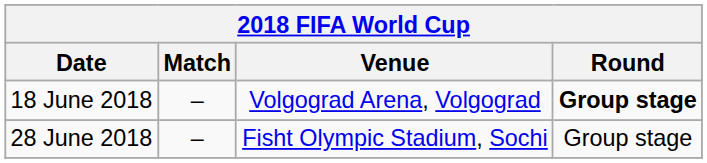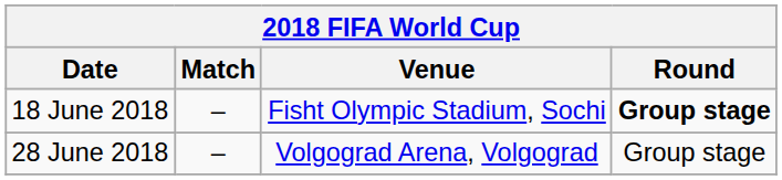 <table class="wikitable" style="margin:1em auto 1em auto; text-align:center; font-size:small;">
 <tr>
 <th colspan="4"><a href='#'>2018 FIFA World Cup</a></th>
 </tr>
 <tr>
 <th>Date</th>
 <th>Match</th>
 <th>Venue</th>
 <th>Round</th>
 </tr>
 <tr>
 <td>18 June 2018</td>
 <td> – </td>
-<td><a href='#'>Volgograd Arena</a>, <a href='#'>Volgograd</a></td>
+<td><a href='#'>Fisht Olympic Stadium</a>, <a href='#'>Sochi</a></td>
 <td><strong>Group stage</strong></td>
 </tr>
 <tr>
 <td>28 June 2018</td>
 <td> – </td>
-<td><a href='#'>Fisht Olympic Stadium</a>, <a href='#'>Sochi</a></td>
+<td><a href='#'>Volgograd Arena</a>, <a href='#'>Volgograd</a></td>
 <td>Group stage</td>
 </tr>
 </table>
